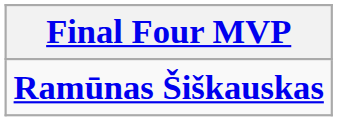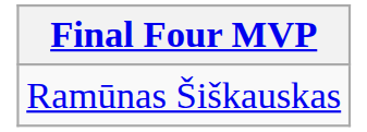 <table class=wikitable style="text-align:center; margin:auto">
 <tr>
 <th><a href='#'>Final Four MVP</a></th>
 </tr>
 <tr>
-<td><strong> <a href='#'>Ramūnas Šiškauskas</a></strong></td>
+<td> <a href='#'>Ramūnas Šiškauskas</a></td>
 </tr>
 </table>
